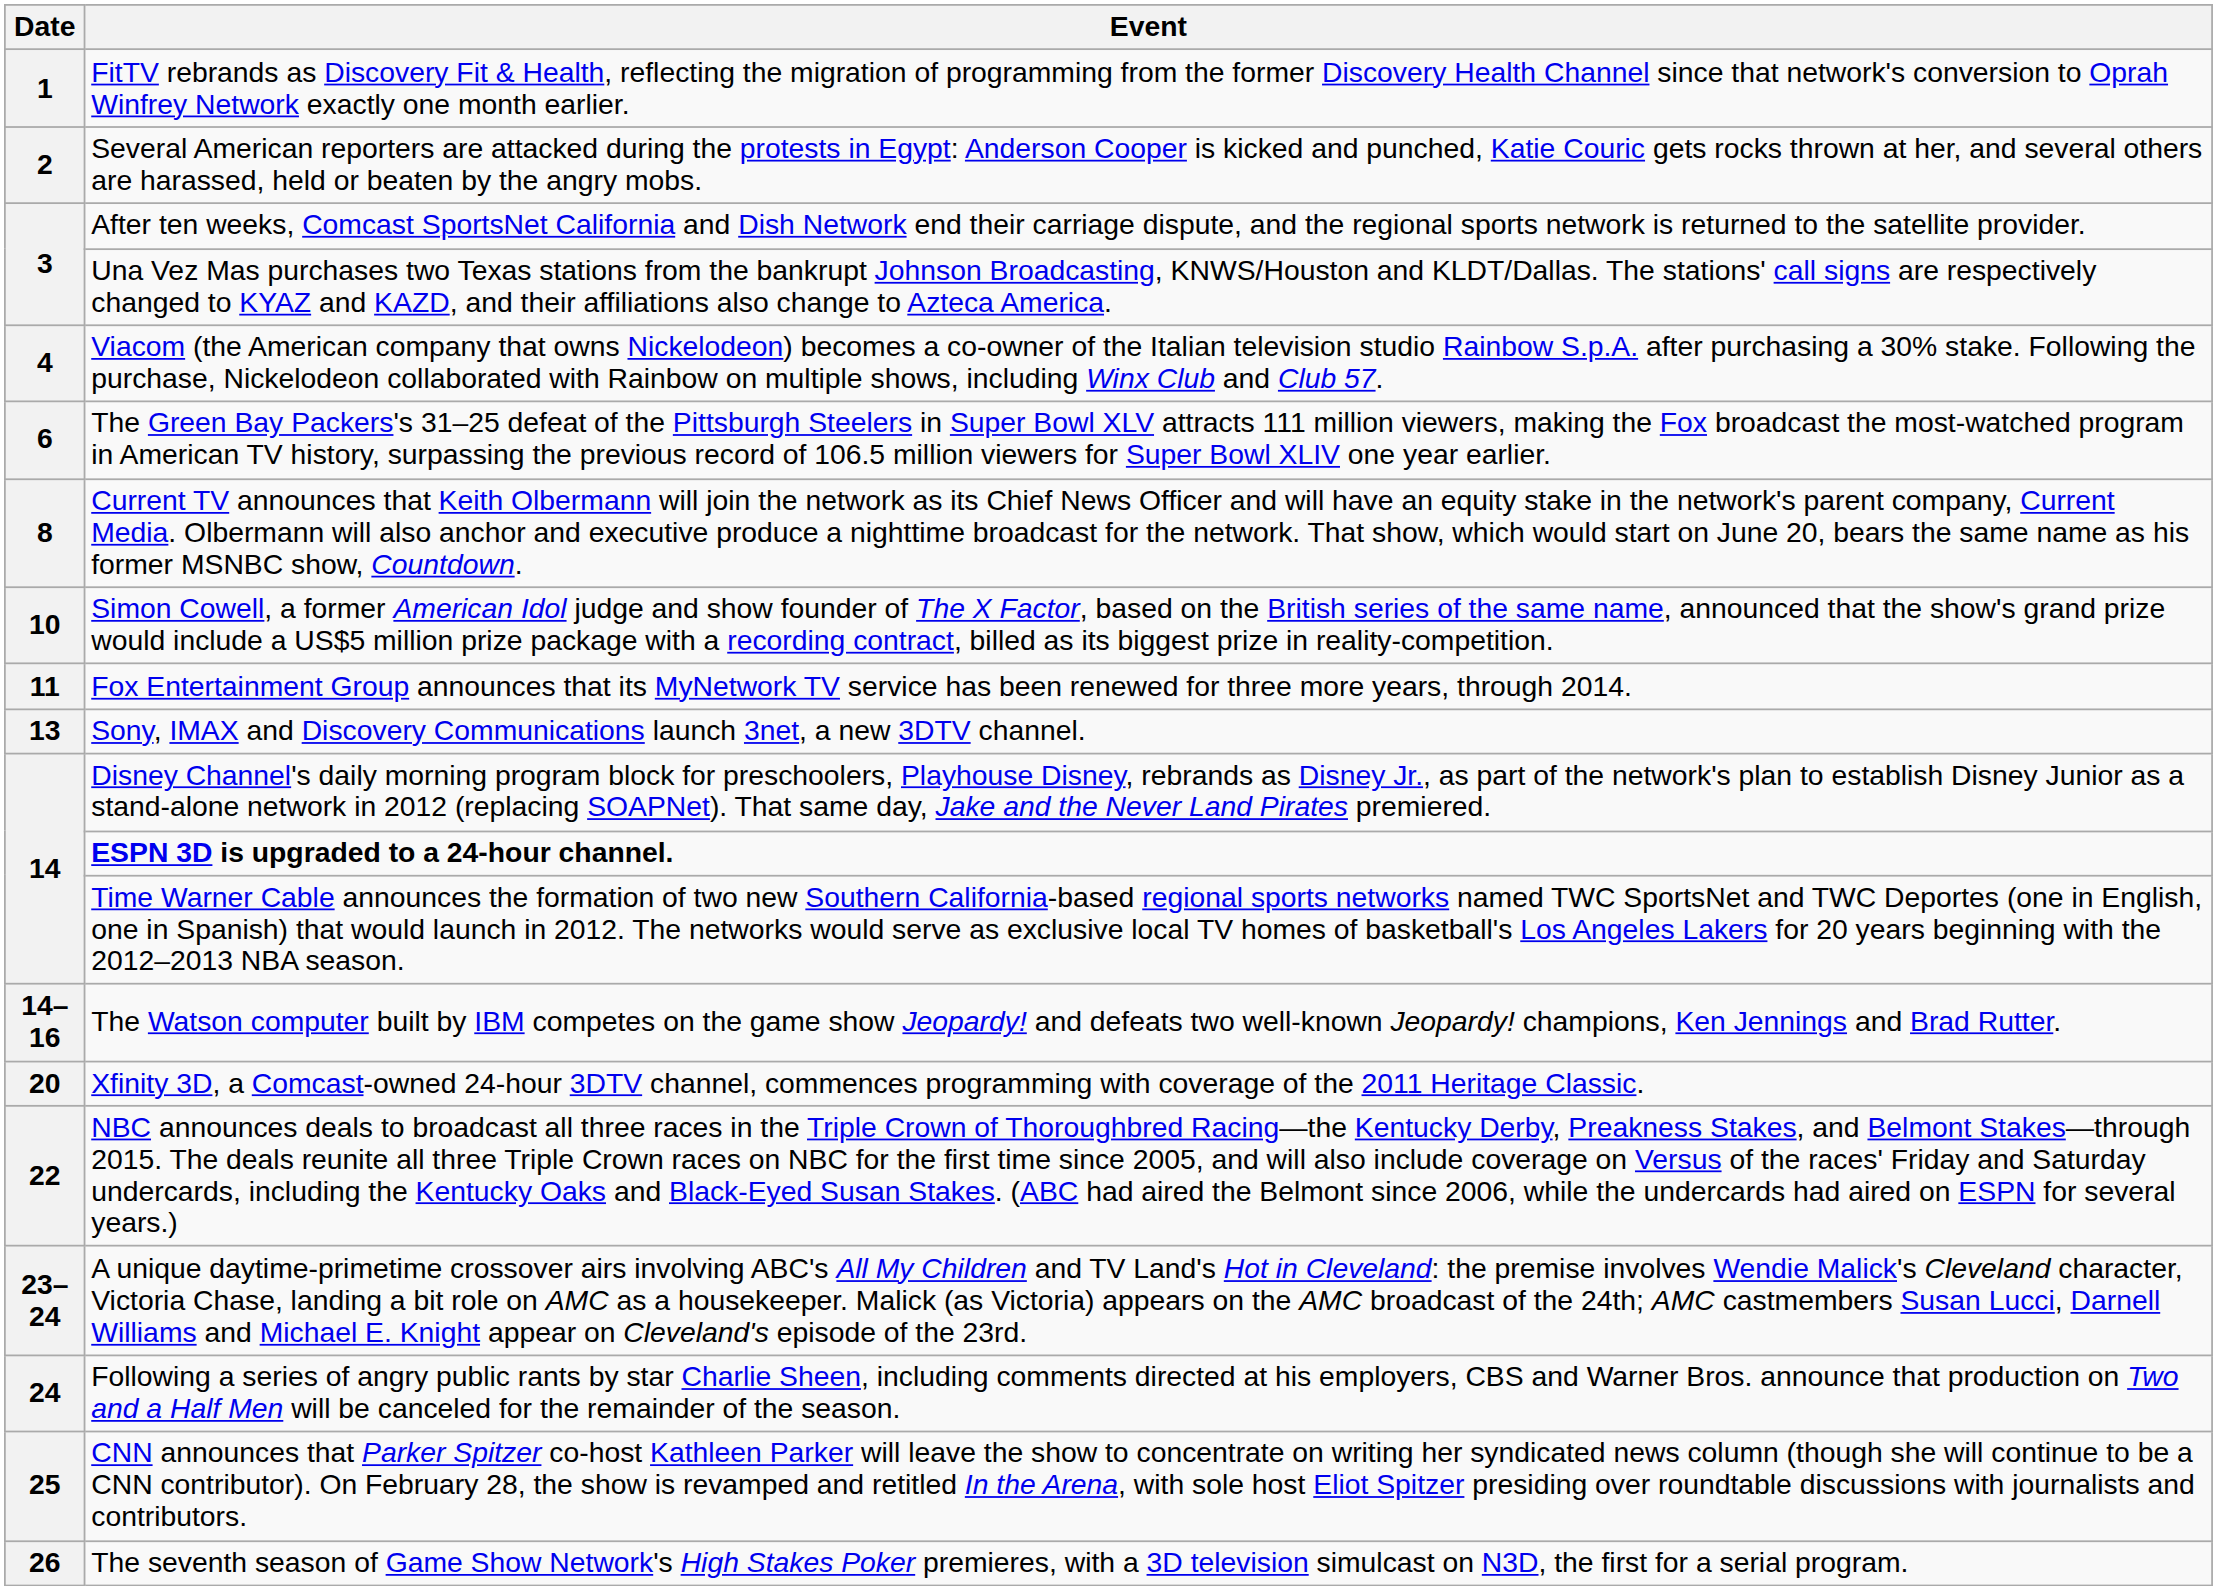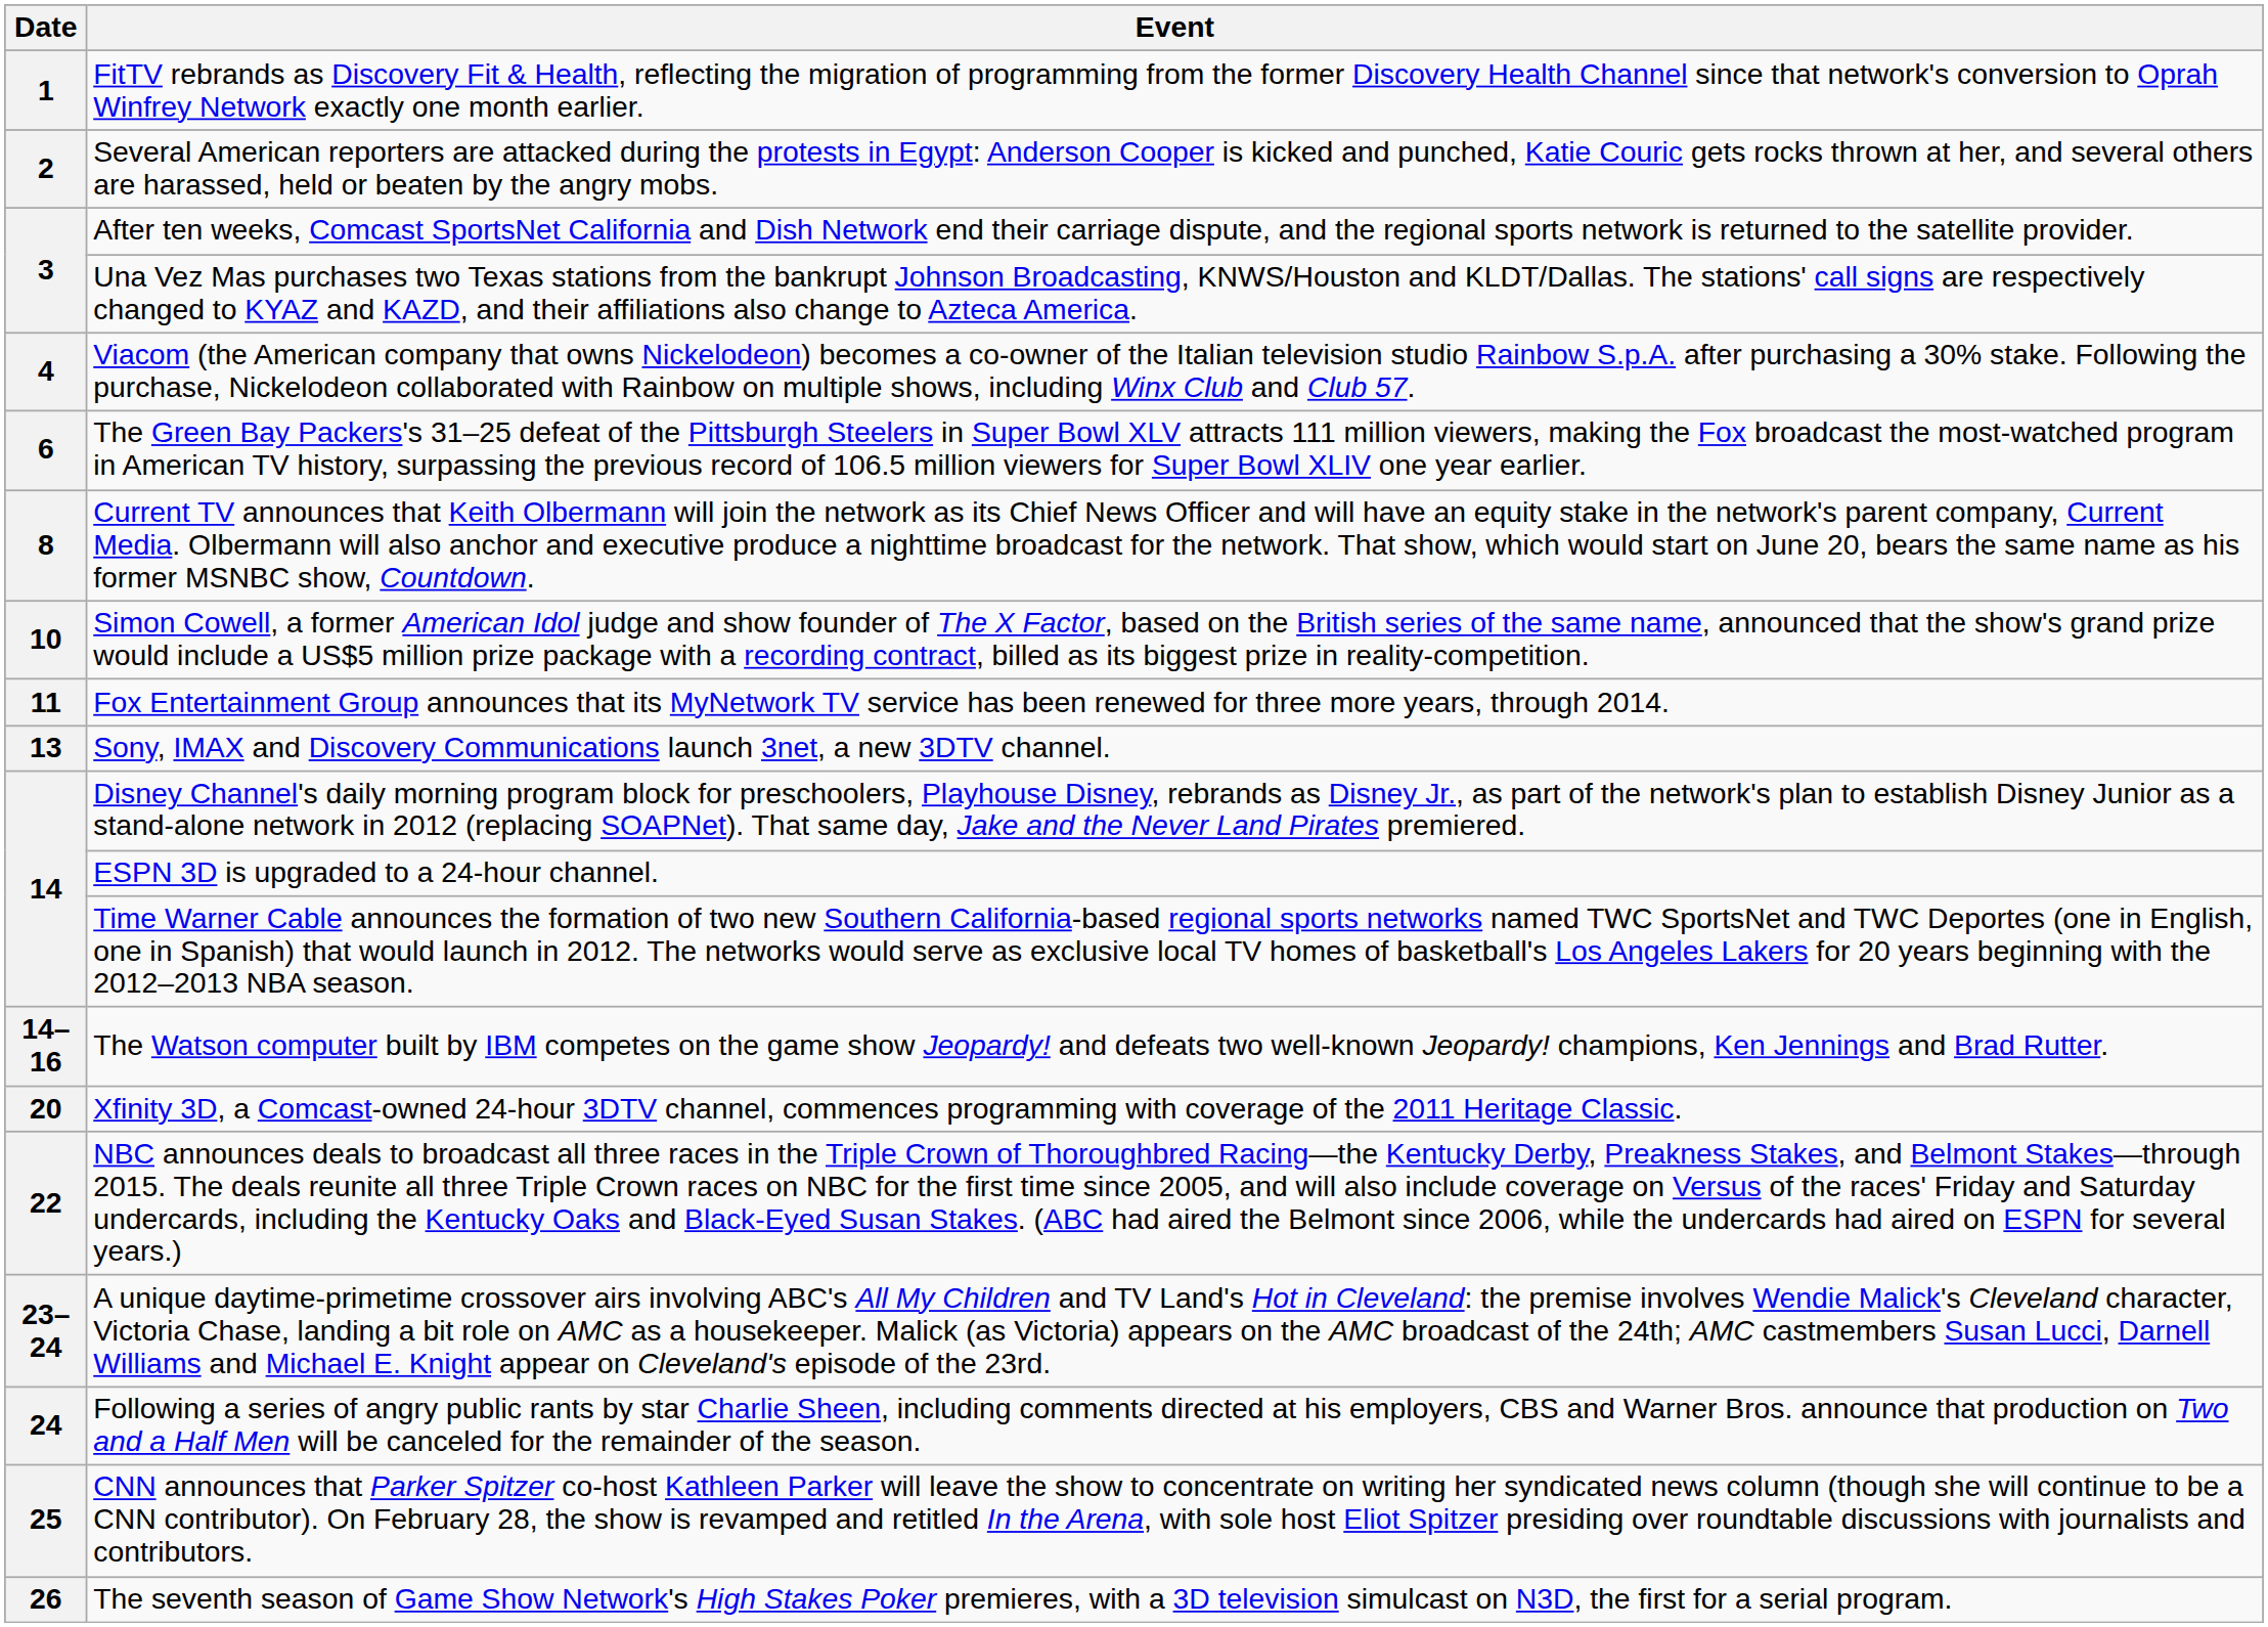 <table class="wikitable">
 <tr>
 <th>Date</th>
 <th>Event</th>
 </tr>
 <tr>
 <th>1</th>
 <td><a href='#'>FitTV</a> rebrands as <a href='#'>Discovery Fit & Health</a>, reflecting the migration of programming from the former <a href='#'>Discovery Health Channel</a> since that network's conversion to <a href='#'>Oprah Winfrey Network</a> exactly one month earlier.</td>
 </tr>
 <tr>
 <th>2</th>
 <td>Several American reporters are attacked during the <a href='#'>protests in Egypt</a>: <a href='#'>Anderson Cooper</a> is kicked and punched, <a href='#'>Katie Couric</a> gets rocks thrown at her, and several others are harassed, held or beaten by the angry mobs.</td>
 </tr>
 <tr>
 <th rowspan="2">3</th>
 <td>After ten weeks, <a href='#'>Comcast SportsNet California</a> and <a href='#'>Dish Network</a> end their carriage dispute, and the regional sports network is returned to the satellite provider.</td>
 </tr>
 <tr>
 <td>Una Vez Mas purchases two Texas stations from the bankrupt <a href='#'>Johnson Broadcasting</a>, KNWS/Houston and KLDT/Dallas.  The stations' <a href='#'>call signs</a> are respectively changed to <a href='#'>KYAZ</a> and <a href='#'>KAZD</a>, and their affiliations also change to <a href='#'>Azteca America</a>.</td>
 </tr>
 <tr>
 <th>4</th>
 <td><a href='#'>Viacom</a> (the American company that owns <a href='#'>Nickelodeon</a>) becomes a co-owner of the Italian television studio <a href='#'>Rainbow S.p.A.</a> after purchasing a 30% stake. Following the purchase, Nickelodeon collaborated with Rainbow on multiple shows, including <em><a href='#'>Winx Club</a></em> and <em><a href='#'>Club 57</a></em>.</td>
 </tr>
 <tr>
 <th>6</th>
 <td>The <a href='#'>Green Bay Packers</a>'s 31–25 defeat of the <a href='#'>Pittsburgh Steelers</a> in <a href='#'>Super Bowl XLV</a> attracts 111 million viewers, making the <a href='#'>Fox</a> broadcast the most-watched program in American TV history, surpassing the previous record of 106.5 million viewers for <a href='#'>Super Bowl XLIV</a> one year earlier.</td>
 </tr>
 <tr>
 <th>8</th>
 <td><a href='#'>Current TV</a> announces that <a href='#'>Keith Olbermann</a> will join the network as its Chief News Officer and will have an equity stake in the network's parent company, <a href='#'>Current Media</a>. Olbermann will also anchor and executive produce a nighttime broadcast for the network. That show, which would start on June 20, bears the same name as his former MSNBC show, <em><a href='#'>Countdown</a></em>.</td>
 </tr>
 <tr>
 <th>10</th>
 <td><a href='#'>Simon Cowell</a>, a former <em><a href='#'>American Idol</a></em> judge and show founder of <em><a href='#'>The X Factor</a></em>, based on the <a href='#'>British series of the same name</a>, announced that the show's grand prize would include a US$5 million prize package with a <a href='#'>recording contract</a>, billed as its biggest prize in reality-competition.</td>
 </tr>
 <tr>
 <th>11</th>
 <td><a href='#'>Fox Entertainment Group</a> announces that its <a href='#'>MyNetwork TV</a> service has been renewed for three more years, through 2014.</td>
 </tr>
 <tr>
 <th>13</th>
 <td><a href='#'>Sony</a>, <a href='#'>IMAX</a> and <a href='#'>Discovery Communications</a> launch <a href='#'>3net</a>, a new <a href='#'>3DTV</a> channel.</td>
 </tr>
 <tr>
 <th rowspan="3">14</th>
 <td><a href='#'>Disney Channel</a>'s daily morning program block for preschoolers, <a href='#'>Playhouse Disney</a>, rebrands as <a href='#'>Disney Jr.</a>, as part of the network's plan to establish Disney Junior as a stand-alone network in 2012 (replacing <a href='#'>SOAPNet</a>). That same day, <em><a href='#'>Jake and the Never Land Pirates</a></em> premiered.</td>
 </tr>
 <tr>
-<td><strong><a href='#'>ESPN 3D</a> is upgraded to a 24-hour channel.</strong></td>
+<td><a href='#'>ESPN 3D</a> is upgraded to a 24-hour channel.</td>
 </tr>
 <tr>
 <td><a href='#'>Time Warner Cable</a> announces the formation of two new <a href='#'>Southern California</a>-based <a href='#'>regional sports networks</a> named TWC SportsNet and TWC Deportes (one in English, one in Spanish) that would launch in 2012. The networks would serve as exclusive local TV homes of basketball's <a href='#'>Los Angeles Lakers</a> for 20 years beginning with the 2012–2013 NBA season.</td>
 </tr>
 <tr>
 <th>14–16</th>
 <td>The <a href='#'>Watson computer</a> built by <a href='#'>IBM</a> competes on the game show <em><a href='#'>Jeopardy!</a></em> and defeats two well-known <em>Jeopardy!</em> champions, <a href='#'>Ken Jennings</a> and <a href='#'>Brad Rutter</a>.</td>
 </tr>
 <tr>
 <th>20</th>
 <td><a href='#'>Xfinity 3D</a>, a <a href='#'>Comcast</a>-owned 24-hour <a href='#'>3DTV</a> channel, commences programming with coverage of the <a href='#'>2011 Heritage Classic</a>.</td>
 </tr>
 <tr>
 <th>22</th>
 <td><a href='#'>NBC</a> announces deals to broadcast all three races in the <a href='#'>Triple Crown of Thoroughbred Racing</a>—the <a href='#'>Kentucky Derby</a>, <a href='#'>Preakness Stakes</a>, and <a href='#'>Belmont Stakes</a>—through 2015.  The deals reunite all three Triple Crown races on NBC for the first time since 2005, and will also include coverage on <a href='#'>Versus</a> of the races' Friday and Saturday undercards, including the <a href='#'>Kentucky Oaks</a> and <a href='#'>Black-Eyed Susan Stakes</a>. (<a href='#'>ABC</a> had aired the Belmont since 2006, while the undercards had aired on <a href='#'>ESPN</a> for several years.)</td>
 </tr>
 <tr>
 <th>23–24</th>
 <td>A unique daytime-primetime crossover airs involving ABC's <em><a href='#'>All My Children</a></em> and TV Land's <em><a href='#'>Hot in Cleveland</a></em>: the premise involves <a href='#'>Wendie Malick</a>'s <em>Cleveland</em> character, Victoria Chase, landing a bit role on <em>AMC</em> as a housekeeper.  Malick (as Victoria) appears on the <em>AMC</em> broadcast of the 24th; <em>AMC</em> castmembers <a href='#'>Susan Lucci</a>, <a href='#'>Darnell Williams</a> and <a href='#'>Michael E. Knight</a> appear on <em>Cleveland's</em> episode of the 23rd.</td>
 </tr>
 <tr>
 <th>24</th>
 <td>Following a series of angry public rants by star <a href='#'>Charlie Sheen</a>, including comments directed at his employers, CBS and Warner Bros. announce that production on <em><a href='#'>Two and a Half Men</a></em> will be canceled for the remainder of the season.</td>
 </tr>
 <tr>
 <th>25</th>
 <td><a href='#'>CNN</a> announces that <em><a href='#'>Parker Spitzer</a></em> co-host <a href='#'>Kathleen Parker</a> will leave the show to concentrate on writing her syndicated news column (though she will continue to be a CNN contributor). On February 28, the show is revamped and retitled <em><a href='#'>In the Arena</a></em>, with sole host <a href='#'>Eliot Spitzer</a> presiding over roundtable discussions with journalists and contributors.</td>
 </tr>
 <tr>
 <th>26</th>
 <td>The seventh season of <a href='#'>Game Show Network</a>'s <em><a href='#'>High Stakes Poker</a></em> premieres, with a <a href='#'>3D television</a> simulcast on <a href='#'>N3D</a>, the first for a serial program.</td>
 </tr>
 </table>
